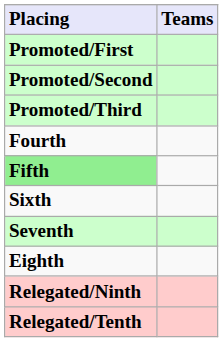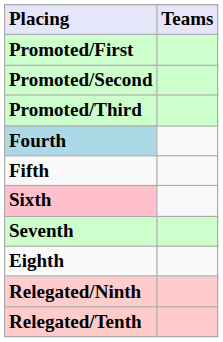 <table class=wikitable>
 <tr>
 </tr>
 <tr style="background: #E6E6FA;">
 <td><strong>Placing</strong></td>
 <td colspan=2 style="text-align:center"><strong>Teams</strong></td>
 </tr>
 <tr style="background: #ccffcc;">
 <td><strong>Promoted/First</strong></td>
 <td colspan=2><strong></strong></td>
 </tr>
 <tr style="background: #ccffcc;">
 <td><strong>Promoted/Second</strong></td>
 <td colspan=2><strong></strong></td>
 </tr>
 <tr style="background: #ccffcc;">
 <td><strong>Promoted/Third</strong></td>
 <td colspan=2><strong></strong></td>
 </tr>
 <tr>
-<td><strong>Fourth</strong></td>
+<td style="background: lightblue;"><strong>Fourth</strong></td>
 <td colspan=2></td>
 </tr>
 <tr>
-<td style="background: lightgreen;"><strong>Fifth</strong></td>
+<td><strong>Fifth</strong></td>
 <td></td>
 </tr>
 <tr>
-<td><strong>Sixth</strong></td>
+<td style="background: pink;"><strong>Sixth</strong></td>
 <td></td>
 </tr>
 <tr style="background: #ccffcc;">
 <td><strong>Seventh</strong></td>
 <td><strong></strong></td>
 </tr>
 <tr>
 <td><strong>Eighth</strong></td>
 <td></td>
 </tr>
 <tr style="background: #ffcccc;">
 <td><strong>Relegated/Ninth</strong></td>
 <td><em></em></td>
 </tr>
 <tr style="background: #ffcccc;">
 <td><strong>Relegated/Tenth</strong></td>
 <td><em></em></td>
 </tr>
 </table>
